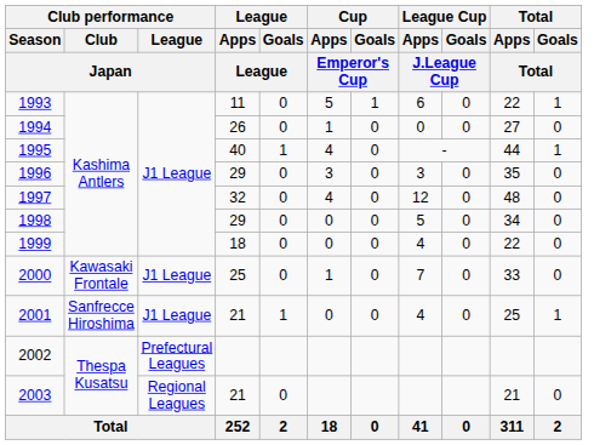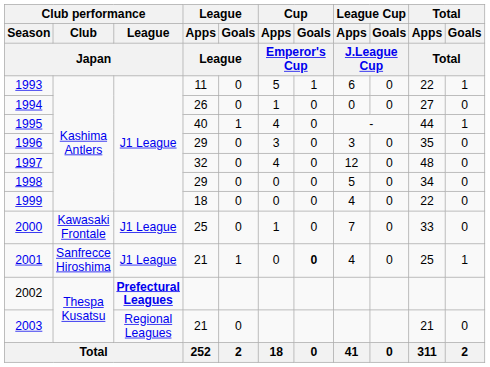 <table class="wikitable" style="text-align:center;">
 <tr>
 <th colspan=3>Club performance</th>
 <th colspan=2>League</th>
 <th colspan=2>Cup</th>
 <th colspan=2>League Cup</th>
 <th colspan=2>Total</th>
 </tr>
 <tr>
 <th>Season</th>
 <th>Club</th>
 <th>League</th>
 <th>Apps</th>
 <th>Goals</th>
 <th>Apps</th>
 <th>Goals</th>
 <th>Apps</th>
 <th>Goals</th>
 <th>Apps</th>
 <th>Goals</th>
 </tr>
 <tr>
 <th colspan=3>Japan</th>
 <th colspan=2>League</th>
 <th colspan=2><a href='#'>Emperor's Cup</a></th>
 <th colspan=2><a href='#'>J.League Cup</a></th>
 <th colspan=2>Total</th>
 </tr>
 <tr>
 <td><a href='#'>1993</a></td>
 <td rowspan="7"><a href='#'>Kashima Antlers</a></td>
 <td rowspan="7"><a href='#'>J1 League</a></td>
 <td>11</td>
 <td>0</td>
 <td>5</td>
 <td>1</td>
 <td>6</td>
 <td>0</td>
 <td>22</td>
 <td>1</td>
 </tr>
 <tr>
 <td><a href='#'>1994</a></td>
 <td>26</td>
 <td>0</td>
 <td>1</td>
 <td>0</td>
 <td>0</td>
 <td>0</td>
 <td>27</td>
 <td>0</td>
 </tr>
 <tr>
 <td><a href='#'>1995</a></td>
 <td>40</td>
 <td>1</td>
 <td>4</td>
 <td>0</td>
 <td colspan="2">-</td>
 <td>44</td>
 <td>1</td>
 </tr>
 <tr>
 <td><a href='#'>1996</a></td>
 <td>29</td>
 <td>0</td>
 <td>3</td>
 <td>0</td>
 <td>3</td>
 <td>0</td>
 <td>35</td>
 <td>0</td>
 </tr>
 <tr>
 <td><a href='#'>1997</a></td>
 <td>32</td>
 <td>0</td>
 <td>4</td>
 <td>0</td>
 <td>12</td>
 <td>0</td>
 <td>48</td>
 <td>0</td>
 </tr>
 <tr>
 <td><a href='#'>1998</a></td>
 <td>29</td>
 <td>0</td>
 <td>0</td>
 <td>0</td>
 <td>5</td>
 <td>0</td>
 <td>34</td>
 <td>0</td>
 </tr>
 <tr>
 <td><a href='#'>1999</a></td>
 <td>18</td>
 <td>0</td>
 <td>0</td>
 <td>0</td>
 <td>4</td>
 <td>0</td>
 <td>22</td>
 <td>0</td>
 </tr>
 <tr>
 <td><a href='#'>2000</a></td>
 <td><a href='#'>Kawasaki Frontale</a></td>
 <td><a href='#'>J1 League</a></td>
 <td>25</td>
 <td>0</td>
 <td>1</td>
 <td>0</td>
 <td>7</td>
 <td>0</td>
 <td>33</td>
 <td>0</td>
 </tr>
 <tr>
 <td><a href='#'>2001</a></td>
 <td><a href='#'>Sanfrecce Hiroshima</a></td>
 <td><a href='#'>J1 League</a></td>
 <td>21</td>
 <td>1</td>
 <td>0</td>
-<td>0</td>
+<td><strong>0</strong></td>
 <td>4</td>
 <td>0</td>
 <td>25</td>
 <td>1</td>
 </tr>
 <tr>
 <td>2002</td>
 <td rowspan="2"><a href='#'>Thespa Kusatsu</a></td>
-<td><a href='#'>Prefectural Leagues</a></td>
+<td><strong><a href='#'>Prefectural Leagues</a></strong></td>
 <td></td>
 <td></td>
 <td></td>
 <td></td>
 <td></td>
 <td></td>
 <td></td>
 <td></td>
 </tr>
 <tr>
 <td><a href='#'>2003</a></td>
 <td><a href='#'>Regional Leagues</a></td>
 <td>21</td>
 <td>0</td>
 <td></td>
 <td></td>
 <td></td>
 <td></td>
 <td>21</td>
 <td>0</td>
 </tr>
 <tr>
 <th colspan=3>Total</th>
 <th>252</th>
 <th>2</th>
 <th>18</th>
 <th>0</th>
 <th>41</th>
 <th>0</th>
 <th>311</th>
 <th>2</th>
 </tr>
 </table>
